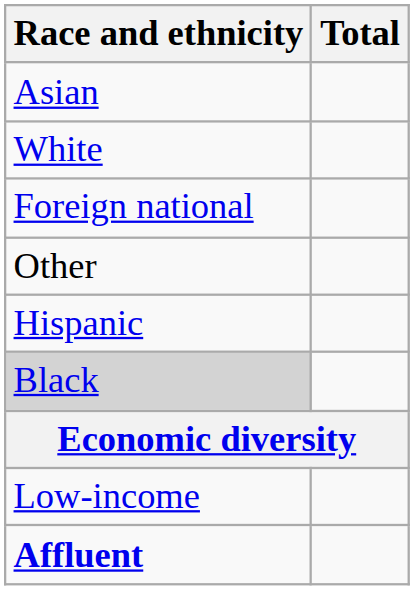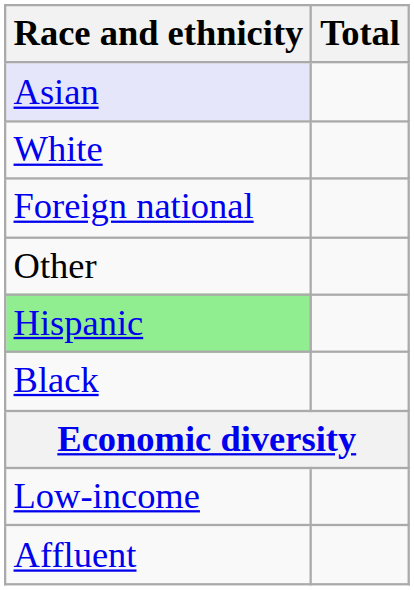 <table class="wikitable floatright sortable collapsible" ; text-align:right; font-size:80%;">
 <tr>
 <th>Race and ethnicity</th>
 <th colspan="2" data-sort-type="number">Total</th>
 </tr>
 <tr>
-<td><a href='#'>Asian</a></td>
+<td style="background: lavender;"><a href='#'>Asian</a></td>
 <td align=right></td>
 </tr>
 <tr>
 <td><a href='#'>White</a></td>
 <td align=right></td>
 </tr>
 <tr>
 <td><a href='#'>Foreign national</a></td>
 <td align=right></td>
 </tr>
 <tr>
 <td>Other</td>
 <td align=right></td>
 </tr>
 <tr>
-<td><a href='#'>Hispanic</a></td>
+<td style="background: lightgreen;"><a href='#'>Hispanic</a></td>
 <td align=right></td>
 </tr>
 <tr>
-<td style="background: lightgrey;"><a href='#'>Black</a></td>
+<td><a href='#'>Black</a></td>
 <td align=right></td>
 </tr>
 <tr>
 <th colspan="4" data-sort-type="number"><a href='#'>Economic diversity</a></th>
 </tr>
 <tr>
 <td><a href='#'>Low-income</a></td>
 <td align=right></td>
 </tr>
 <tr>
-<td><strong><a href='#'>Affluent</a></strong></td>
+<td><a href='#'>Affluent</a></td>
 <td align=right></td>
 </tr>
 </table>
